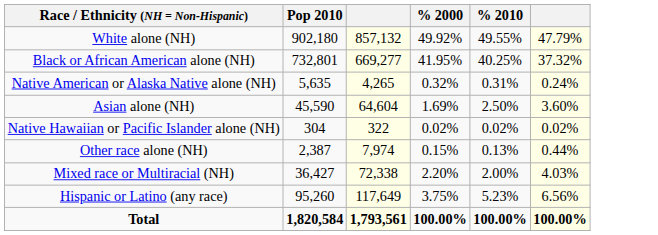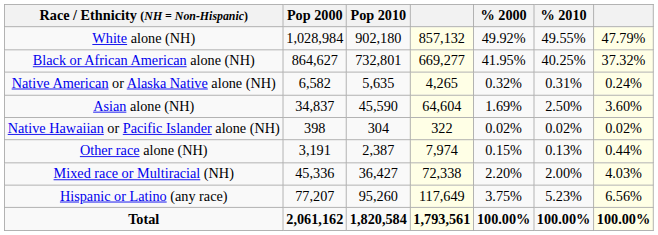 <table class="wikitable" style="text-align:center;">
 <tr>
 <th>Race / Ethnicity <small>(<em>NH = Non-Hispanic</em>)</small></th>
+<th>Pop 2000</th>
 <th>Pop 2010</th>
 <th></th>
 <th>% 2000</th>
 <th>% 2010</th>
 <th></th>
 </tr>
 <tr>
 <td><a href='#'>White</a> alone (NH)</td>
+<td>1,028,984</td>
 <td>902,180</td>
 <td style='background: #ffffe6;'>857,132</td>
 <td>49.92%</td>
 <td>49.55%</td>
 <td style='background: #ffffe6;'>47.79%</td>
 </tr>
 <tr>
 <td><a href='#'>Black or African American</a> alone (NH)</td>
+<td>864,627</td>
 <td>732,801</td>
 <td style='background: #ffffe6;'>669,277</td>
 <td>41.95%</td>
 <td>40.25%</td>
 <td style='background: #ffffe6;'>37.32%</td>
 </tr>
 <tr>
 <td><a href='#'>Native American</a> or <a href='#'>Alaska Native</a> alone (NH)</td>
+<td>6,582</td>
 <td>5,635</td>
 <td style='background: #ffffe6;'>4,265</td>
 <td>0.32%</td>
 <td>0.31%</td>
 <td style='background: #ffffe6;'>0.24%</td>
 </tr>
 <tr>
 <td><a href='#'>Asian</a> alone (NH)</td>
+<td>34,837</td>
 <td>45,590</td>
 <td style='background: #ffffe6;'>64,604</td>
 <td>1.69%</td>
 <td>2.50%</td>
 <td style='background: #ffffe6;'>3.60%</td>
 </tr>
 <tr>
 <td><a href='#'>Native Hawaiian</a> or <a href='#'>Pacific Islander</a> alone (NH)</td>
+<td>398</td>
 <td>304</td>
 <td style='background: #ffffe6;'>322</td>
 <td>0.02%</td>
 <td>0.02%</td>
 <td style='background: #ffffe6;'>0.02%</td>
 </tr>
 <tr>
 <td><a href='#'>Other race</a> alone (NH)</td>
+<td>3,191</td>
 <td>2,387</td>
 <td style='background: #ffffe6;'>7,974</td>
 <td>0.15%</td>
 <td>0.13%</td>
 <td style='background: #ffffe6;'>0.44%</td>
 </tr>
 <tr>
 <td><a href='#'>Mixed race or Multiracial</a> (NH)</td>
+<td>45,336</td>
 <td>36,427</td>
 <td style='background: #ffffe6;'>72,338</td>
 <td>2.20%</td>
 <td>2.00%</td>
 <td style='background: #ffffe6;'>4.03%</td>
 </tr>
 <tr>
 <td><a href='#'>Hispanic or Latino</a> (any race)</td>
+<td>77,207</td>
 <td>95,260</td>
 <td style='background: #ffffe6;'>117,649</td>
 <td>3.75%</td>
 <td>5.23%</td>
 <td style='background: #ffffe6;'>6.56%</td>
 </tr>
 <tr>
 <td><strong>Total</strong></td>
+<td><strong>2,061,162</strong></td>
 <td><strong>1,820,584</strong></td>
 <td style='background: #ffffe6;'><strong>1,793,561</strong></td>
 <td><strong>100.00%</strong></td>
 <td><strong>100.00%</strong></td>
 <td style='background: #ffffe6;'><strong>100.00%</strong></td>
 </tr>
 </table>
